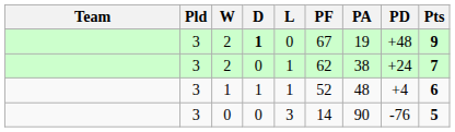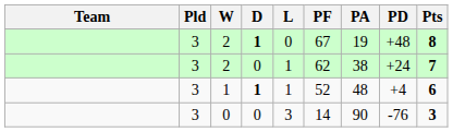 <table class="wikitable" style="text-align:center;">
 <tr>
 <th width=175>Team</th>
 <th width=25 abbr="Played">Pld</th>
 <th width=25 abbr="Won">W</th>
 <th width=25 abbr="Drawn">D</th>
 <th width=25 abbr="Lost">L</th>
 <th width=32 abbr="Points for">PF</th>
 <th width=32 abbr="Points against">PA</th>
 <th width=32 abbr="Points difference">PD</th>
 <th width=25 abbr="Points">Pts</th>
 </tr>
 <tr bgcolor="#ccffcc">
 <td align=left></td>
 <td>3</td>
 <td>2</td>
 <td><strong>1</strong></td>
 <td>0</td>
 <td>67</td>
 <td>19</td>
 <td>+48</td>
-<td><strong>9</strong></td>
+<td><strong>8</strong></td>
 </tr>
 <tr bgcolor="#ccffcc">
 <td align=left></td>
 <td>3</td>
 <td>2</td>
 <td>0</td>
 <td>1</td>
 <td>62</td>
 <td>38</td>
 <td>+24</td>
 <td><strong>7</strong></td>
 </tr>
 <tr>
 <td align=left></td>
 <td>3</td>
 <td>1</td>
-<td>1</td>
+<td><strong>1</strong></td>
 <td>1</td>
 <td>52</td>
 <td>48</td>
 <td>+4</td>
 <td><strong>6</strong></td>
 </tr>
 <tr>
 <td align=left></td>
 <td>3</td>
 <td>0</td>
 <td>0</td>
 <td>3</td>
 <td>14</td>
 <td>90</td>
 <td>-76</td>
-<td><strong>5</strong></td>
+<td><strong>3</strong></td>
 </tr>
 </table>
